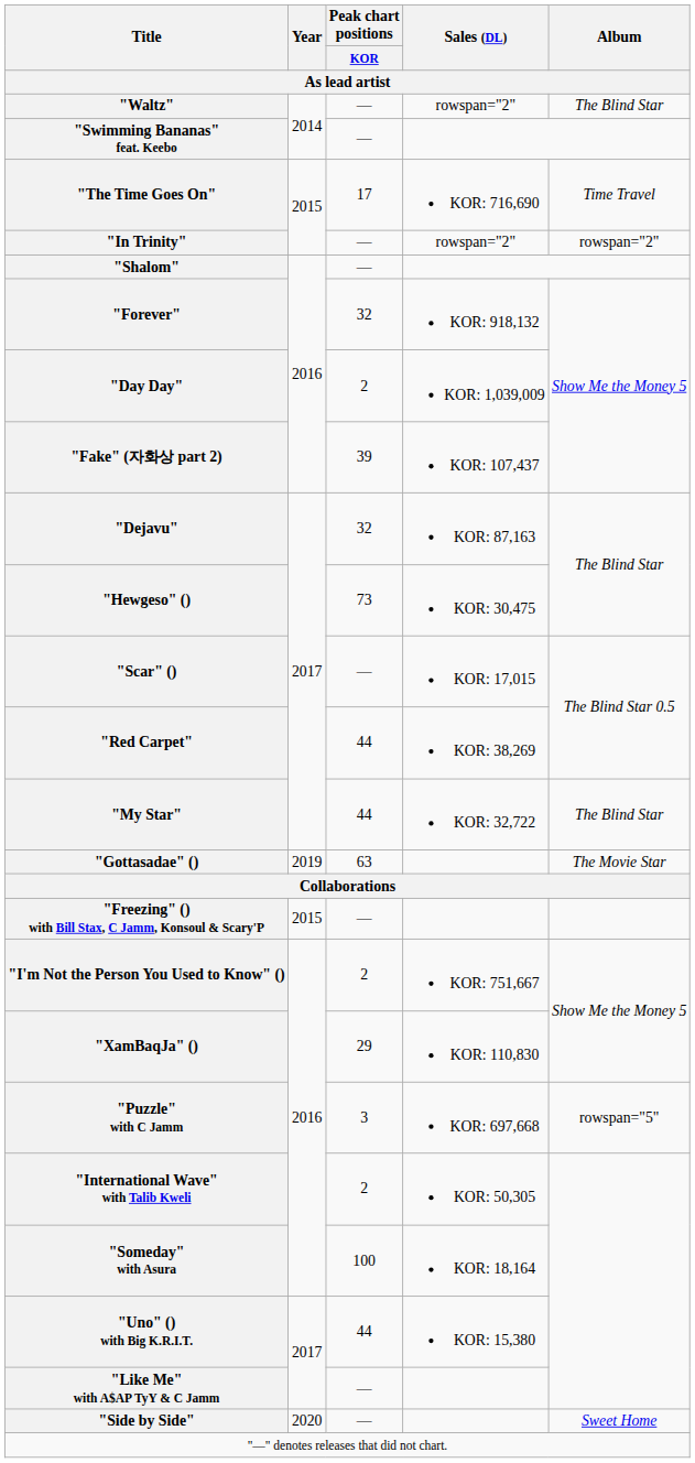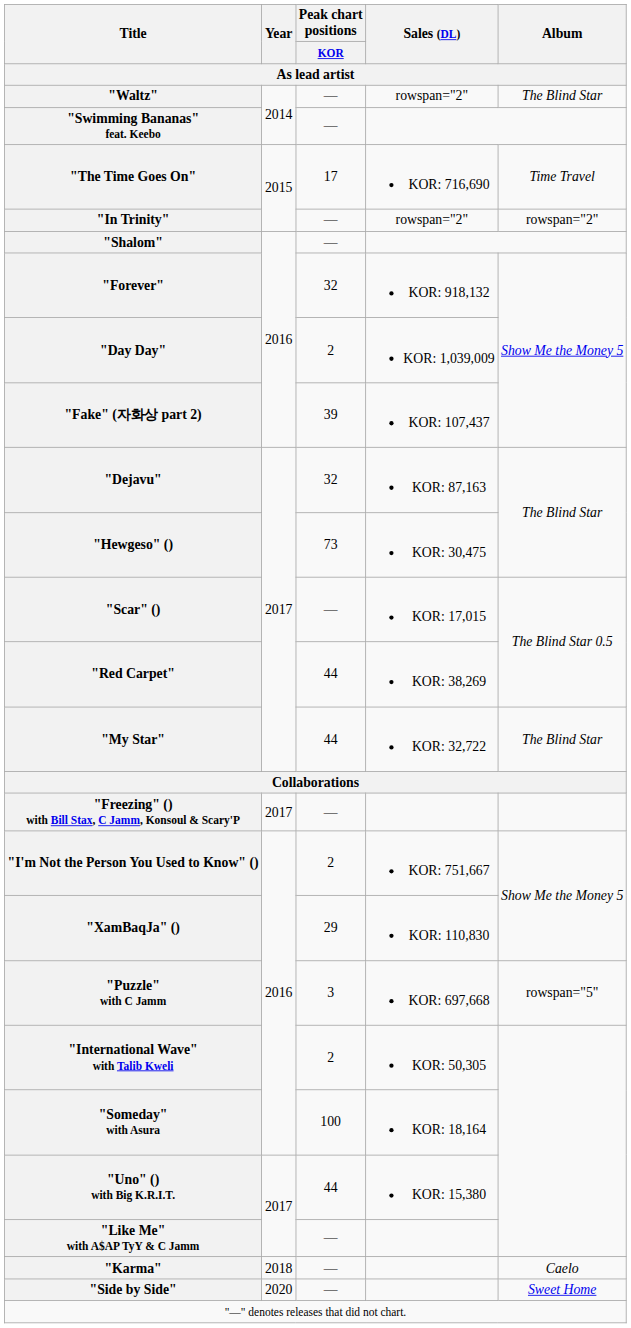 <table class="wikitable plainrowheaders" style="text-align:center;">
 <tr>
 <th scope="col" rowspan="2">Title</th>
 <th scope="col" rowspan="2">Year</th>
 <th scope="col" colspan="1">Peak chart<br>positions</th>
 <th scope="col" rowspan="2">Sales <small>(<a href='#'>DL</a>)</small></th>
 <th scope="col" rowspan="2">Album</th>
 </tr>
 <tr>
 <th><small><a href='#'>KOR</a></small><br></th>
 </tr>
 <tr>
 <th scope="col" colspan="5">As lead artist</th>
 </tr>
 <tr>
 <th scope="row">"Waltz"</th>
 <td rowspan="2">2014</td>
 <td>—</td>
 <td>rowspan="2" </td>
 <td><em>The Blind Star</em></td>
 </tr>
 <tr>
 <th scope="row">"Swimming Bananas"<br><small>feat. Keebo</small></th>
 <td>—</td>
 </tr>
 <tr>
 <th scope="row">"The Time Goes On"</th>
 <td rowspan="2">2015</td>
 <td>17</td>
 <td><br><ul><li>KOR: 716,690</li></ul></td>
 <td><em>Time Travel</em></td>
 </tr>
 <tr>
 <th scope="row">"In Trinity"</th>
 <td>—</td>
 <td>rowspan="2" </td>
 <td>rowspan="2" </td>
 </tr>
 <tr>
 <th scope="row">"Shalom"</th>
 <td rowspan="4">2016</td>
 <td>—</td>
 </tr>
 <tr>
 <th scope="row">"Forever"</th>
 <td>32</td>
 <td><br><ul><li>KOR: 918,132</li></ul></td>
 <td rowspan="3"><em><a href='#'>Show Me the Money 5</a></em></td>
 </tr>
 <tr>
 <th scope="row">"Day Day"<br></th>
 <td>2</td>
 <td><br><ul><li>KOR: 1,039,009</li></ul></td>
 </tr>
 <tr>
 <th scope="row">"Fake" (자화상 part 2)</th>
 <td>39</td>
 <td><br><ul><li>KOR: 107,437</li></ul></td>
 </tr>
 <tr>
 <th scope="row">"Dejavu"</th>
 <td rowspan="5">2017</td>
 <td>32</td>
 <td><br><ul><li>KOR: 87,163</li></ul></td>
 <td rowspan="2"><em>The Blind Star</em></td>
 </tr>
 <tr>
 <th scope="row">"Hewgeso" ()</th>
 <td>73</td>
 <td><br><ul><li>KOR: 30,475</li></ul></td>
 </tr>
 <tr>
 <th scope="row">"Scar" ()</th>
 <td>—</td>
 <td><br><ul><li>KOR: 17,015</li></ul></td>
 <td rowspan="2"><em>The Blind Star 0.5</em></td>
 </tr>
 <tr>
 <th scope="row">"Red Carpet"</th>
 <td>44</td>
 <td><br><ul><li>KOR: 38,269</li></ul></td>
 </tr>
 <tr>
 <th scope="row">"My Star"</th>
 <td>44</td>
 <td><br><ul><li>KOR: 32,722</li></ul></td>
 <td><em>The Blind Star</em></td>
 </tr>
 <tr>
-<th scope="row">"Gottasadae" ()</th>
-<td>2019</td>
-<td>63</td>
-<td></td>
-<td><em>The Movie Star</em></td>
-</tr>
-<tr>
 <th scope="col" colspan="5">Collaborations</th>
 </tr>
 <tr>
 <th scope="row">"Freezing" ()<br><small>with <a href='#'>Bill Stax</a>, <a href='#'>C Jamm</a>, Konsoul & Scary'P</small></th>
-<td>2015</td>
+<td>2017</td>
 <td>—</td>
 <td></td>
 <td></td>
 </tr>
 <tr>
 <th scope="row">"I'm Not the Person You Used to Know" ()<br></th>
 <td rowspan="5">2016</td>
 <td>2</td>
 <td><br><ul><li>KOR: 751,667</li></ul></td>
 <td rowspan="2"><em>Show Me the Money 5</em></td>
 </tr>
 <tr>
 <th scope="row">"XamBaqJa" ()<br></th>
 <td>29</td>
 <td><br><ul><li>KOR: 110,830</li></ul></td>
 </tr>
 <tr>
 <th scope="row">"Puzzle"<br><small>with C Jamm</small></th>
 <td>3</td>
 <td><br><ul><li>KOR: 697,668</li></ul></td>
 <td>rowspan="5" </td>
 </tr>
 <tr>
 <th scope="row">"International Wave"<br><small>with <a href='#'>Talib Kweli</a></small></th>
 <td>2</td>
 <td><br><ul><li>KOR: 50,305</li></ul></td>
 </tr>
 <tr>
 <th scope="row">"Someday"<br><small>with Asura</small></th>
 <td>100</td>
 <td><br><ul><li>KOR: 18,164</li></ul></td>
 </tr>
 <tr>
 <th scope="row">"Uno" ()<br><small>with Big K.R.I.T.</small></th>
 <td rowspan="2">2017</td>
 <td>44</td>
 <td><br><ul><li>KOR: 15,380</li></ul></td>
 </tr>
 <tr>
 <th scope="row">"Like Me"<br><small>with A$AP TyY & C Jamm</small></th>
 <td>—</td>
 <td></td>
 </tr>
 <tr>
+<th scope="row">"Karma"<br></th>
+<td>2018</td>
+<td>—</td>
+<td></td>
+<td><em>Caelo</em></td>
+</tr>
+<tr>
 <th scope="row">"Side by Side"</th>
 <td>2020</td>
 <td>—</td>
 <td></td>
 <td><em><a href='#'>Sweet Home</a></em></td>
 </tr>
 <tr>
 <td colspan="5" align="center"><small>"—" denotes releases that did not chart.</small></td>
 </tr>
 </table>
